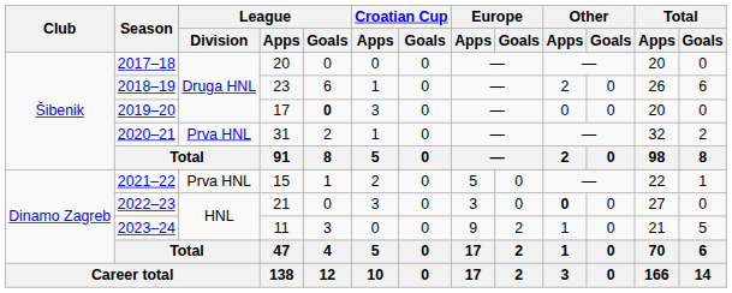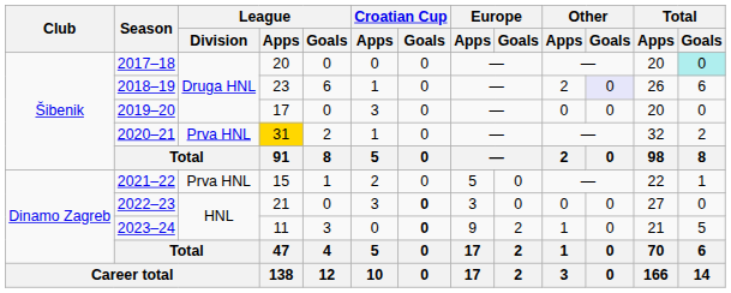 <table class="wikitable" style="text-align: center">
 <tr>
 <th rowspan="2">Club</th>
 <th rowspan="2">Season</th>
 <th colspan="3">League</th>
 <th colspan="2"><a href='#'>Croatian Cup</a></th>
 <th colspan="2">Europe</th>
 <th colspan="2">Other</th>
 <th colspan="2">Total</th>
 </tr>
 <tr>
 <th>Division</th>
 <th>Apps</th>
 <th>Goals</th>
 <th>Apps</th>
 <th>Goals</th>
 <th>Apps</th>
 <th>Goals</th>
 <th>Apps</th>
 <th>Goals</th>
 <th>Apps</th>
 <th>Goals</th>
 </tr>
 <tr>
 <td rowspan="5"><a href='#'>Šibenik</a></td>
 <td><a href='#'>2017–18</a></td>
 <td rowspan="3"><a href='#'>Druga HNL</a></td>
 <td>20</td>
 <td>0</td>
 <td>0</td>
 <td>0</td>
 <td colspan="2">—</td>
 <td colspan="2">—</td>
 <td>20</td>
-<td>0</td>
+<td style="background: paleturquoise;">0</td>
 </tr>
 <tr>
 <td><a href='#'>2018–19</a></td>
 <td>23</td>
 <td>6</td>
 <td>1</td>
 <td>0</td>
 <td colspan="2">—</td>
 <td>2</td>
-<td>0</td>
+<td style="background: lavender;">0</td>
 <td>26</td>
 <td>6</td>
 </tr>
 <tr>
 <td><a href='#'>2019–20</a></td>
 <td>17</td>
-<td><strong>0</strong></td>
+<td>0</td>
 <td>3</td>
 <td>0</td>
 <td colspan="2">—</td>
 <td>0</td>
 <td>0</td>
 <td>20</td>
 <td>0</td>
 </tr>
 <tr>
 <td><a href='#'>2020–21</a></td>
 <td><a href='#'>Prva HNL</a></td>
-<td>31</td>
+<td style="background: gold;">31</td>
 <td>2</td>
 <td>1</td>
 <td>0</td>
 <td colspan="2">—</td>
 <td colspan="2">—</td>
 <td>32</td>
 <td>2</td>
 </tr>
 <tr>
 <th colspan="2">Total</th>
 <th>91</th>
 <th>8</th>
 <th>5</th>
 <th>0</th>
 <th colspan="2">—</th>
 <th>2</th>
 <th>0</th>
 <th>98</th>
 <th>8</th>
 </tr>
 <tr>
 <td rowspan="4"><a href='#'>Dinamo Zagreb</a></td>
 <td><a href='#'>2021–22</a></td>
 <td>Prva HNL</td>
 <td>15</td>
 <td>1</td>
 <td>2</td>
 <td>0</td>
 <td>5</td>
 <td>0</td>
 <td colspan="2">—</td>
 <td>22</td>
 <td>1</td>
 </tr>
 <tr>
 <td><a href='#'>2022–23</a></td>
 <td rowspan="2">HNL</td>
 <td>21</td>
 <td>0</td>
 <td>3</td>
-<td>0</td>
+<td><strong>0</strong></td>
 <td>3</td>
 <td>0</td>
-<td><strong>0</strong></td>
+<td>0</td>
 <td>0</td>
 <td>27</td>
 <td>0</td>
 </tr>
 <tr>
 <td><a href='#'>2023–24</a></td>
 <td>11</td>
 <td>3</td>
 <td>0</td>
-<td>0</td>
+<td><strong>0</strong></td>
 <td>9</td>
 <td>2</td>
 <td>1</td>
 <td>0</td>
 <td>21</td>
 <td>5</td>
 </tr>
 <tr>
 <th colspan="2">Total</th>
 <th>47</th>
 <th>4</th>
 <th>5</th>
 <th>0</th>
 <th>17</th>
 <th>2</th>
 <th>1</th>
 <th>0</th>
 <th>70</th>
 <th>6</th>
 </tr>
 <tr>
 <th colspan="3">Career total</th>
 <th>138</th>
 <th>12</th>
 <th>10</th>
 <th>0</th>
 <th>17</th>
 <th>2</th>
 <th>3</th>
 <th>0</th>
 <th>166</th>
 <th>14</th>
 </tr>
 </table>
